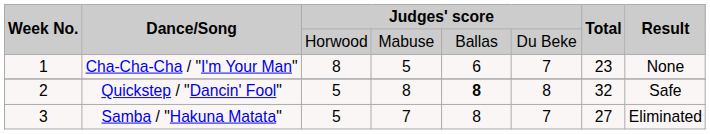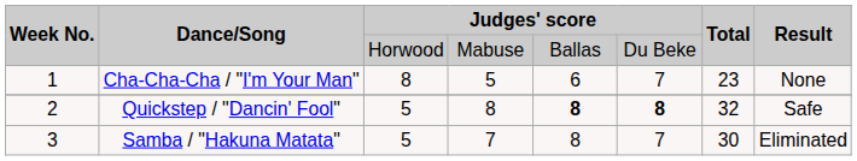 <table class="wikitable collapsible collapsed">
 <tr>
 <th rowspan="2" style="background:#ccc; text-align:Center;">Week No.</th>
 <th rowspan="2" style="background:#ccc; text-align:Center;">Dance/Song</th>
 <th colspan="4" style="background:#ccc; text-align:Center;">Judges' score</th>
 <th rowspan="2" style="background:#ccc; text-align:Center;">Total</th>
 <th rowspan="2" style="background:#ccc; text-align:Center;">Result</th>
 </tr>
 <tr style="text-align:center; background:#ccc;">
 <td style="width:10%; ">Horwood</td>
 <td style="width:10%; ">Mabuse</td>
 <td style="width:10%; ">Ballas</td>
 <td style="width:10%; ">Du Beke</td>
 </tr>
 <tr style="text-align:center; background:#faf6f6">
 <td style="text-align:center; background:#faf6f6;">1</td>
 <td style="text-align:center; background:#faf6f6;"><a href='#'>Cha-Cha-Cha</a> / "<a href='#'>I'm Your Man</a>"</td>
 <td style="text-align:center; background:#faf6f6;">8</td>
 <td style="text-align:center; background:#faf6f6;">5</td>
 <td style="text-align:center; background:#faf6f6;">6</td>
 <td style="text-align:center; background:#faf6f6;">7</td>
 <td style="text-align:center; background:#faf6f6;">23</td>
 <td style="text-align:center; background:#faf6f6;">None</td>
 </tr>
 <tr>
 </tr>
 <tr>
 <td style="text-align:center; background:#faf6f6;">2</td>
 <td style="text-align:center; background:#faf6f6;"><a href='#'>Quickstep</a> / "<a href='#'>Dancin' Fool</a>"</td>
 <td style="text-align:center; background:#faf6f6;">5</td>
 <td style="text-align:center; background:#faf6f6;">8</td>
 <td style="text-align:center; background:#faf6f6;"><strong>8</strong></td>
-<td style="text-align:center; background:#faf6f6;">8</td>
+<td style="text-align:center; background:#faf6f6;"><strong>8</strong></td>
 <td style="text-align:center; background:#faf6f6;">32</td>
 <td style="text-align:center; background:#faf6f6;">Safe</td>
 </tr>
 <tr>
 <td style="text-align:center; background:#faf6f6;">3</td>
 <td style="text-align:center; background:#faf6f6;"><a href='#'>Samba</a> / "<a href='#'>Hakuna Matata</a>"</td>
 <td style="text-align:center; background:#faf6f6;">5</td>
 <td style="text-align:center; background:#faf6f6;">7</td>
 <td style="text-align:center; background:#faf6f6;">8</td>
 <td style="text-align:center; background:#faf6f6;">7</td>
-<td style="text-align:center; background:#faf6f6;">27</td>
+<td style="text-align:center; background:#faf6f6;">30</td>
 <td style="text-align:center; background:#faf6f6;">Eliminated</td>
 </tr>
 </table>
